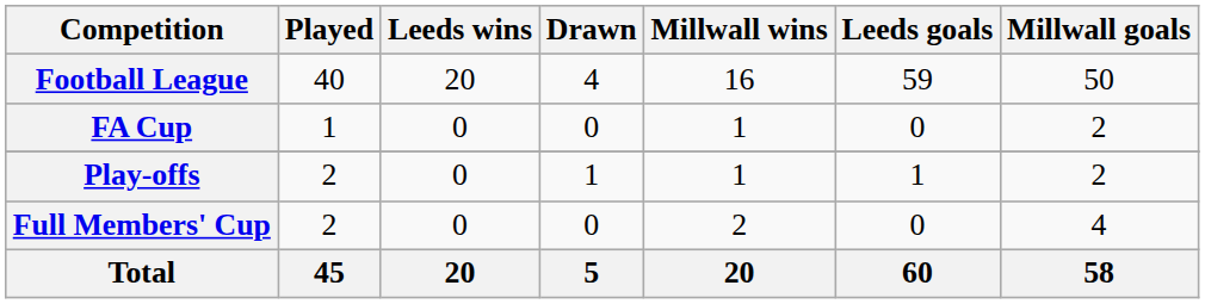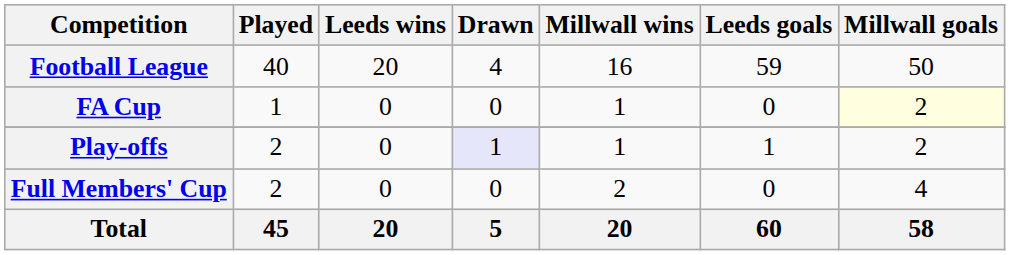 <table class="sortable wikitable plainrowheaders" style="text-align:center;">
 <tr>
 <th scope="col" class="unsortable">Competition</th>
 <th scope="col">Played</th>
 <th scope="col">Leeds wins</th>
 <th scope="col">Drawn</th>
 <th scope="col">Millwall wins</th>
 <th scope="col">Leeds goals</th>
 <th scope="col">Millwall goals</th>
 </tr>
 <tr>
 <th scope="row"><a href='#'>Football League</a></th>
 <td>40</td>
 <td>20</td>
 <td>4</td>
 <td>16</td>
 <td>59</td>
 <td>50</td>
 </tr>
 <tr>
 <th scope="row"><a href='#'>FA Cup</a></th>
 <td>1</td>
 <td>0</td>
 <td>0</td>
 <td>1</td>
 <td>0</td>
-<td>2</td>
+<td style="background: lightyellow;">2</td>
 </tr>
 <tr>
 </tr>
 <tr>
 <th scope="row"><a href='#'>Play-offs</a></th>
 <td>2</td>
 <td>0</td>
-<td>1</td>
+<td style="background: lavender;">1</td>
 <td>1</td>
 <td>1</td>
 <td>2</td>
 </tr>
 <tr>
 <th scope="row"><a href='#'>Full Members' Cup</a></th>
 <td>2</td>
 <td>0</td>
 <td>0</td>
 <td>2</td>
 <td>0</td>
 <td>4</td>
 </tr>
 <tr class="sortbottom">
 <th>Total</th>
 <th>45</th>
 <th>20</th>
 <th>5</th>
 <th>20</th>
 <th>60</th>
 <th>58</th>
 </tr>
 </table>
